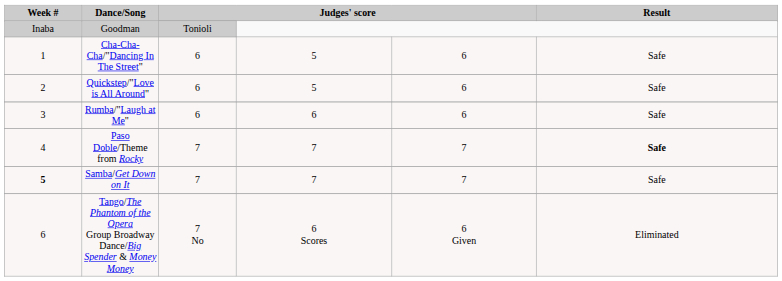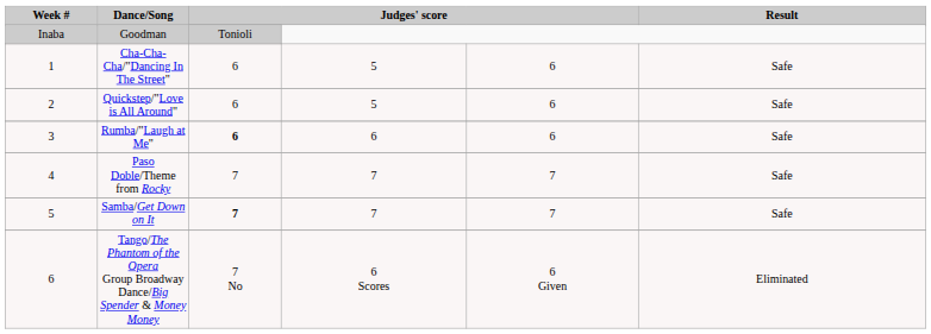 <table class="wikitable" align="left">
 <tr>
 <td rowspan="2" bgcolor="CCCCCC" align="Center"><strong>Week #</strong></td>
 <td rowspan="2" bgcolor="CCCCCC" align="Center"><strong>Dance/Song</strong></td>
 <td colspan="3" bgcolor="CCCCCC" align="Center"><strong>Judges' score</strong></td>
 <td rowspan="2" bgcolor="CCCCCC" align="Center"><strong>Result</strong></td>
 </tr>
 <tr>
 </tr>
 <tr>
 <td bgcolor="CCCCCC" width="10%" align="center">Inaba</td>
 <td bgcolor="CCCCCC" width="10%" align="center">Goodman</td>
 <td bgcolor="CCCCCC" width="10%" align="center">Tonioli</td>
 </tr>
 <tr>
 </tr>
 <tr>
 <td align="center" bgcolor="FAF6F6">1</td>
 <td align="center" bgcolor="FAF6F6"><a href='#'>Cha-Cha-Cha</a>/"<a href='#'>Dancing In The Street</a>"</td>
 <td align="center" bgcolor="FAF6F6">6</td>
 <td align="center" bgcolor="FAF6F6">5</td>
 <td align="center" bgcolor="FAF6F6">6</td>
 <td align="center" bgcolor="FAF6F6">Safe</td>
 </tr>
 <tr>
 </tr>
 <tr>
 <td align="center" bgcolor="FAF6F6">2</td>
 <td align="center" bgcolor="FAF6F6"><a href='#'>Quickstep</a>/"<a href='#'>Love is All Around</a>"</td>
 <td align="center" bgcolor="FAF6F6">6</td>
 <td align="center" bgcolor="FAF6F6">5</td>
 <td align="center" bgcolor="FAF6F6">6</td>
 <td align="center" bgcolor="FAF6F6">Safe</td>
 </tr>
 <tr>
 </tr>
 <tr>
 <td align="center" bgcolor="FAF6F6">3</td>
 <td align="center" bgcolor="FAF6F6"><a href='#'>Rumba</a>/"<a href='#'>Laugh at Me</a>"</td>
-<td align="center" bgcolor="FAF6F6">6</td>
+<td align="center" bgcolor="FAF6F6"><strong>6</strong></td>
 <td align="center" bgcolor="FAF6F6">6</td>
 <td align="center" bgcolor="FAF6F6">6</td>
 <td align="center" bgcolor="FAF6F6">Safe</td>
 </tr>
 <tr>
 </tr>
 <tr>
 <td align="center" bgcolor="FAF6F6">4</td>
 <td align="center" bgcolor="FAF6F6"><a href='#'>Paso Doble</a>/Theme from <em><a href='#'>Rocky</a></em></td>
 <td align="center" bgcolor="FAF6F6">7</td>
 <td align="center" bgcolor="FAF6F6">7</td>
 <td align="center" bgcolor="FAF6F6">7</td>
-<td align="center" bgcolor="FAF6F6"><strong>Safe</strong></td>
+<td align="center" bgcolor="FAF6F6">Safe</td>
 </tr>
 <tr>
 </tr>
 <tr>
-<td align="center" bgcolor="FAF6F6"><strong>5</strong></td>
+<td align="center" bgcolor="FAF6F6">5</td>
 <td align="center" bgcolor="FAF6F6"><a href='#'>Samba</a>/<em><a href='#'>Get Down on It</a></em></td>
-<td align="center" bgcolor="FAF6F6">7</td>
+<td align="center" bgcolor="FAF6F6"><strong>7</strong></td>
 <td align="center" bgcolor="FAF6F6">7</td>
 <td align="center" bgcolor="FAF6F6">7</td>
 <td align="center" bgcolor="FAF6F6">Safe</td>
 </tr>
 <tr>
 </tr>
 <tr>
 <td align="center" bgcolor="FAF6F6">6</td>
 <td align="center" bgcolor="FAF6F6"><a href='#'>Tango</a>/<em><a href='#'>The Phantom of the Opera</a></em> <br> Group Broadway Dance/<em><a href='#'>Big Spender</a></em> & <em><a href='#'>Money Money</a></em></td>
 <td align="center" bgcolor="FAF6F6">7 <br> No</td>
 <td align="center" bgcolor="FAF6F6">6 <br> Scores</td>
 <td align="center" bgcolor="FAF6F6">6 <br> Given</td>
 <td align="center" bgcolor="FAF6F6">Eliminated</td>
 </tr>
 </table>
